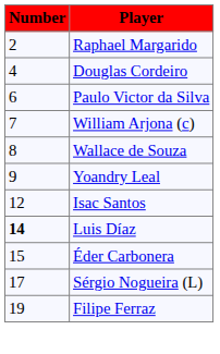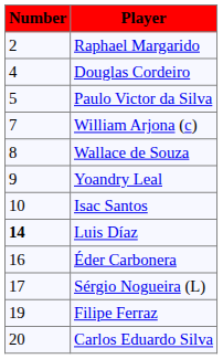 <table bgcolor="#f7f8ff" cellpadding="3" cellspacing="0" border="1" style="font-size: 95%; border: gray solid 1px; border-collapse: collapse;">
 <tr bgcolor="#ff0000">
 <td align=center><strong>Number</strong></td>
 <td align=center><strong>Player</strong></td>
 </tr>
 <tr align="left">
 <td>2</td>
 <td> <a href='#'>Raphael Margarido</a></td>
 </tr>
 <tr align=left>
 <td>4</td>
 <td> <a href='#'>Douglas Cordeiro</a></td>
 </tr>
 <tr align="left">
-<td>6</td>
+<td>5</td>
 <td> <a href='#'>Paulo Victor da Silva</a></td>
 </tr>
 <tr align="left">
 <td>7</td>
 <td> <a href='#'>William Arjona</a> (<a href='#'>c</a>)</td>
 </tr>
 <tr align="left">
 <td>8</td>
 <td> <a href='#'>Wallace de Souza</a></td>
 </tr>
 <tr align="left">
 <td>9</td>
 <td> <a href='#'>Yoandry Leal</a></td>
 </tr>
 <tr align="left">
-<td>12</td>
+<td>10</td>
 <td> <a href='#'>Isac Santos</a></td>
 </tr>
 <tr align="left">
 <td><strong>14</strong></td>
 <td> <a href='#'>Luis Díaz</a></td>
 </tr>
 <tr align="left">
-<td>15</td>
+<td>16</td>
 <td> <a href='#'>Éder Carbonera</a></td>
 </tr>
 <tr align="left">
 <td>17</td>
 <td> <a href='#'>Sérgio Nogueira</a> (L)</td>
 </tr>
 <tr align="left">
 <td>19</td>
 <td> <a href='#'>Filipe Ferraz</a></td>
 </tr>
+<tr align="left">
+<td>20</td>
+<td> <a href='#'>Carlos Eduardo Silva</a></td>
+</tr>
 </table>
